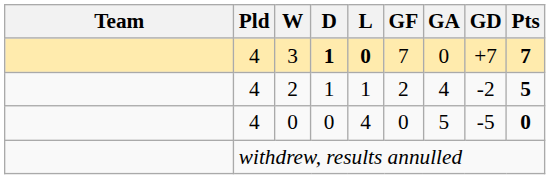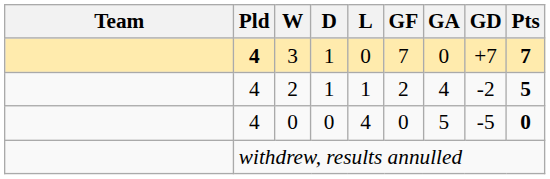 <table class="wikitable" style="text-align:center">
 <tr>
 <th width=165>Team</th>
 <th width=20>Pld</th>
 <th width=20>W</th>
 <th width=20>D</th>
 <th width=20>L</th>
 <th width=20>GF</th>
 <th width=20>GA</th>
 <th width=20>GD</th>
 <th width=20>Pts</th>
 </tr>
 <tr bgcolor="#ffebad">
 <td align="left"></td>
-<td>4</td>
+<td><strong>4</strong></td>
 <td>3</td>
-<td><strong>1</strong></td>
-<td><strong>0</strong></td>
+<td>1</td>
+<td>0</td>
 <td>7</td>
 <td>0</td>
 <td>+7</td>
 <td><strong>7</strong></td>
 </tr>
 <tr>
 <td align="left"></td>
 <td>4</td>
 <td>2</td>
 <td>1</td>
 <td>1</td>
 <td>2</td>
 <td>4</td>
 <td>-2</td>
 <td><strong>5</strong></td>
 </tr>
 <tr>
 <td align="left"></td>
 <td>4</td>
 <td>0</td>
 <td>0</td>
 <td>4</td>
 <td>0</td>
 <td>5</td>
 <td>-5</td>
 <td><strong>0</strong></td>
 </tr>
 <tr>
 <td align="left"></td>
 <td align="left" colspan="8"><em>withdrew, results annulled</em></td>
 </tr>
 </table>
